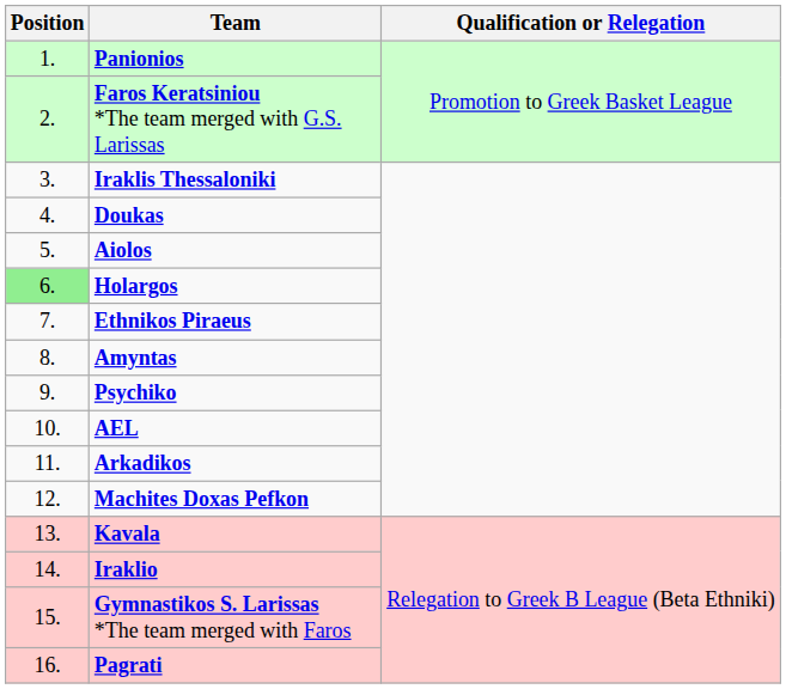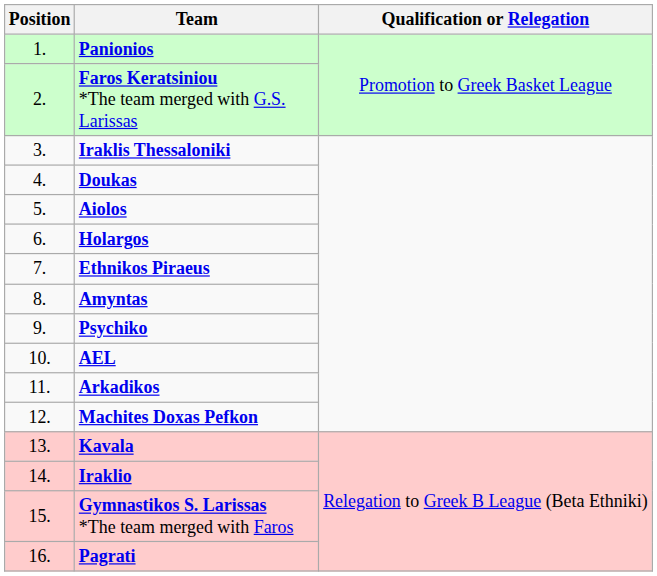 <table class="wikitable" style="text-align: center; font-size:95%">
 <tr>
 <th width="44">Position</th>
 <th width="200">Team</th>
 <th>Qualification or <a href='#'>Relegation</a></th>
 </tr>
 <tr style="background:#cfc;">
 <td>1.</td>
 <td align="left"><strong><a href='#'>Panionios</a></strong></td>
 <td rowspan=2 align="center"><a href='#'>Promotion</a> to <a href='#'>Greek Basket League</a></td>
 </tr>
 <tr style="background:#cfc;">
 <td>2.</td>
 <td align="left"><strong><a href='#'>Faros Keratsiniou</a> </strong><br>*The team merged with <a href='#'>G.S. Larissas</a></td>
 </tr>
 <tr>
 <td>3.</td>
 <td align="left"><strong><a href='#'>Iraklis Thessaloniki</a></strong></td>
 </tr>
 <tr>
 <td>4.</td>
 <td align="left"><strong><a href='#'>Doukas</a></strong></td>
 </tr>
 <tr>
 <td>5.</td>
 <td align="left"><strong> <a href='#'>Aiolos</a></strong></td>
 </tr>
 <tr>
-<td style="background: lightgreen;">6.</td>
+<td>6.</td>
 <td align="left"><strong><a href='#'>Holargos</a></strong></td>
 </tr>
 <tr>
 <td>7.</td>
 <td align="left"><strong><a href='#'>Ethnikos Piraeus</a>	</strong></td>
 </tr>
 <tr>
 <td>8.</td>
 <td align="left"><strong><a href='#'>Amyntas</a></strong></td>
 </tr>
 <tr>
 <td>9.</td>
 <td align="left"><strong><a href='#'>Psychiko</a> 	</strong></td>
 </tr>
 <tr>
 <td>10.</td>
 <td align="left"><strong><a href='#'>AEL</a>   </strong></td>
 </tr>
 <tr>
 <td>11.</td>
 <td align="left"><strong><a href='#'>Arkadikos</a>  </strong></td>
 </tr>
 <tr>
 <td>12.</td>
 <td align="left"><strong><a href='#'>Machites Doxas Pefkon</a> </strong></td>
 </tr>
 <tr style="background:#fcc;">
 <td>13.</td>
 <td align="left"><strong><a href='#'>Kavala</a></strong></td>
 <td rowspan="4"><a href='#'>Relegation</a> to <a href='#'>Greek B League</a> (Beta Ethniki)</td>
 </tr>
 <tr style="background:#fcc;">
 <td>14.</td>
 <td align="left"><strong><a href='#'>Iraklio</a></strong></td>
 </tr>
 <tr style="background:#fcc;">
 <td>15.</td>
 <td align="left"><strong><a href='#'>Gymnastikos S. Larissas</a></strong> <br>*The team merged with <a href='#'>Faros</a></td>
 </tr>
 <tr style="background:#fcc;">
 <td>16.</td>
 <td align="left"><strong><a href='#'>Pagrati</a></strong></td>
 </tr>
 </table>
